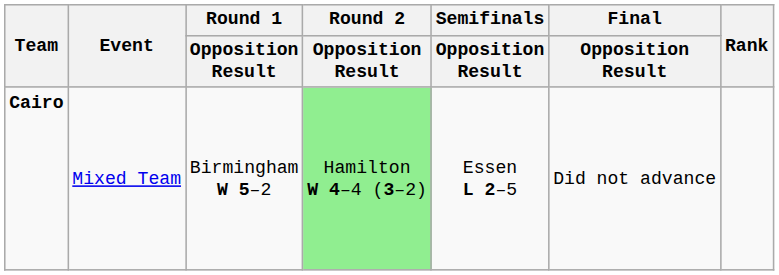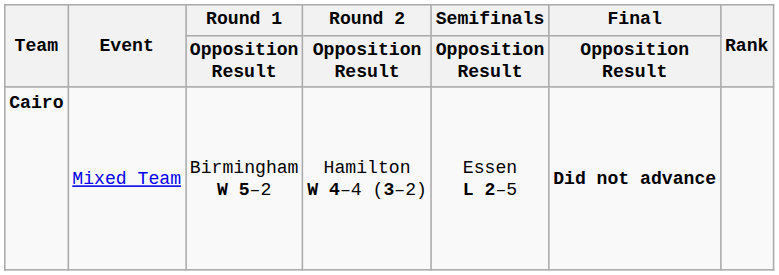 <table class="wikitable" border="1" style="font-size:90%">
 <tr>
 <th rowspan=2>Team</th>
 <th rowspan=2>Event</th>
 <th>Round 1</th>
 <th>Round 2</th>
 <th>Semifinals</th>
 <th>Final</th>
 <th rowspan=2>Rank</th>
 </tr>
 <tr>
 <th>Opposition<br>Result</th>
 <th>Opposition<br>Result</th>
 <th>Opposition<br>Result</th>
 <th>Opposition<br>Result</th>
 </tr>
 <tr>
 <td><strong>Cairo</strong><br><br><br><br><br><br><br><br></td>
 <td><a href='#'>Mixed Team</a></td>
 <td align=center>Birmingham <br> <strong>W</strong> <strong>5</strong>–2</td>
-<td align=center style="background: lightgreen;">Hamilton <br> <strong>W</strong> <strong>4</strong>–4 (<strong>3</strong>–2)</td>
+<td align=center>Hamilton <br> <strong>W</strong> <strong>4</strong>–4 (<strong>3</strong>–2)</td>
 <td align=center>Essen <br> <strong>L</strong> <strong>2</strong>–5</td>
-<td align=center>Did not advance</td>
+<td align=center><strong>Did not advance</strong></td>
 <td align=center></td>
 </tr>
 </table>
